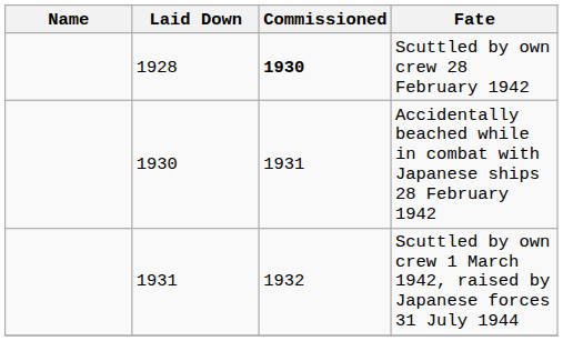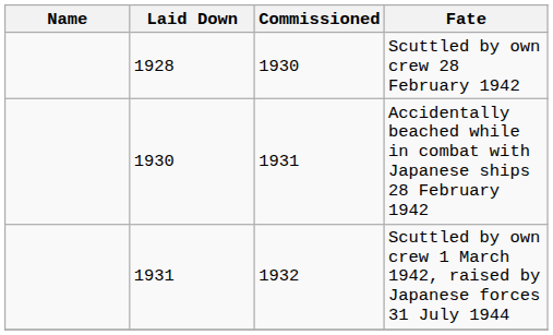 <table class="wikitable">
 <tr>
 <th width="90">Name</th>
 <th width="90">Laid Down</th>
 <th width="90">Commissioned</th>
 <th width="120">Fate</th>
 </tr>
 <tr>
 <td></td>
 <td>1928</td>
-<td><strong>1930</strong></td>
+<td>1930</td>
 <td>Scuttled by own crew 28 February 1942</td>
 </tr>
 <tr>
 <td></td>
 <td>1930</td>
 <td>1931</td>
 <td>Accidentally beached while in combat with Japanese ships 28 February 1942</td>
 </tr>
 <tr>
 <td></td>
 <td>1931</td>
 <td>1932</td>
 <td>Scuttled by own crew 1 March 1942, raised by Japanese forces 31 July 1944</td>
 </tr>
 <tr>
 </tr>
 </table>
